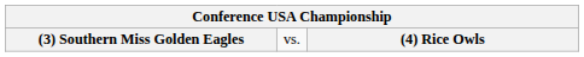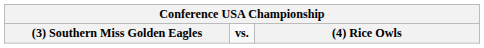 <table class="wikitable">
 <tr>
 <th style="width: 604px;" colspan=3>Conference USA Championship</th>
 </tr>
 <tr>
 <th style="width: 289px; ">(3) Southern Miss Golden Eagles</th>
-<td style="width: 25px; text-align:center">vs.</td>
+<td style="width: 25px; text-align:center"><strong>vs.</strong></td>
 <th style="width: 289px; ">(4) Rice Owls</th>
 </tr>
 </table>
